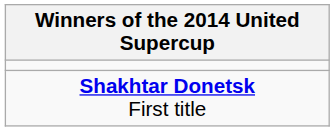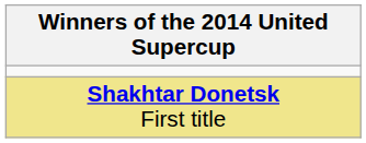 <table class="wikitable" style="text-align: center; margin: 0 auto; width: 20%">
 <tr>
 <th>Winners of the 2014 United Supercup</th>
 </tr>
 <tr>
 <td></td>
 </tr>
 <tr>
-<td><strong><a href='#'>Shakhtar Donetsk</a></strong><br>First title</td>
+<td style="background: khaki;"><strong><a href='#'>Shakhtar Donetsk</a></strong><br>First title</td>
 </tr>
 </table>
